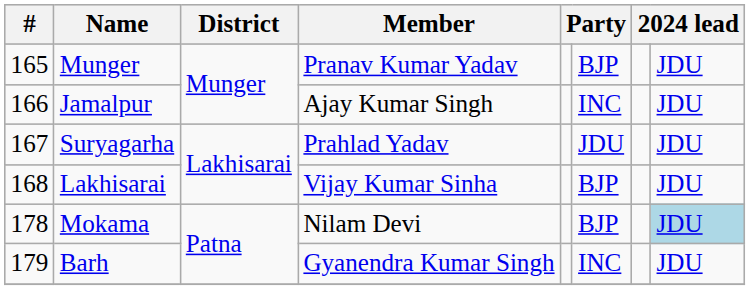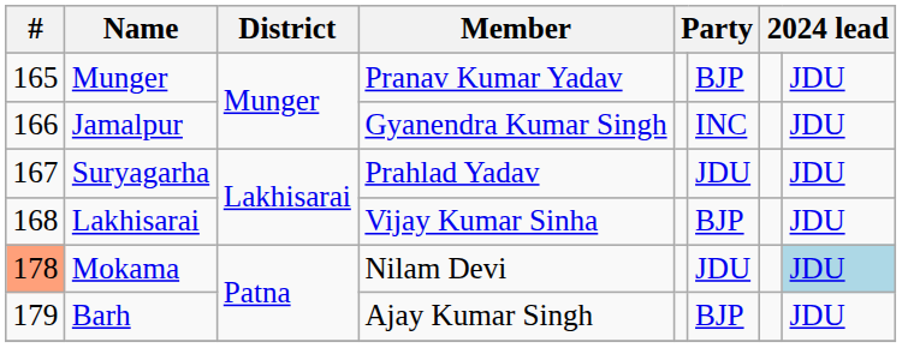 <table class="wikitable">
 <tr>
 <th>#</th>
 <th>Name</th>
 <th>District</th>
 <th>Member</th>
 <th colspan="2">Party</th>
 <th colspan="2">2024 lead</th>
 </tr>
 <tr>
 <td>165</td>
 <td><a href='#'>Munger</a></td>
 <td rowspan="2"><a href='#'>Munger</a></td>
 <td><a href='#'>Pranav Kumar Yadav</a></td>
 <td style="background-color :"></td>
 <td><a href='#'>BJP</a></td>
 <td style="background-color :"></td>
 <td><a href='#'>JDU</a></td>
 </tr>
 <tr>
 <td>166</td>
 <td><a href='#'>Jamalpur</a></td>
-<td>Ajay Kumar Singh</td>
+<td><a href='#'>Gyanendra Kumar Singh</a></td>
 <td style="background-color :"></td>
 <td><a href='#'>INC</a></td>
 <td style="background-color :"></td>
 <td><a href='#'>JDU</a></td>
 </tr>
 <tr>
 <td>167</td>
 <td><a href='#'>Suryagarha</a></td>
 <td rowspan="2"><a href='#'>Lakhisarai</a></td>
 <td><a href='#'>Prahlad Yadav</a></td>
 <td style="background-color :"></td>
 <td><a href='#'>JDU</a></td>
 <td style="background-color :"></td>
 <td><a href='#'>JDU</a></td>
 </tr>
 <tr>
 <td>168</td>
 <td><a href='#'>Lakhisarai</a></td>
 <td><a href='#'>Vijay Kumar Sinha</a></td>
 <td style="background-color :"></td>
 <td><a href='#'>BJP</a></td>
 <td style="background-color :"></td>
 <td><a href='#'>JDU</a></td>
 </tr>
 <tr>
-<td>178</td>
+<td style="background: lightsalmon;">178</td>
 <td><a href='#'>Mokama</a></td>
 <td rowspan="2"><a href='#'>Patna</a></td>
 <td>Nilam Devi</td>
 <td style="background-color :"></td>
-<td><a href='#'>BJP</a></td>
+<td><a href='#'>JDU</a></td>
 <td style="background-color :"></td>
 <td style="background: lightblue;"><a href='#'>JDU</a></td>
 </tr>
 <tr>
 <td>179</td>
 <td><a href='#'>Barh</a></td>
-<td><a href='#'>Gyanendra Kumar Singh</a></td>
+<td>Ajay Kumar Singh</td>
 <td style="background-color :"></td>
-<td><a href='#'>INC</a></td>
+<td><a href='#'>BJP</a></td>
 <td style="background-color :"></td>
 <td><a href='#'>JDU</a></td>
 </tr>
 <tr>
 </tr>
 </table>
